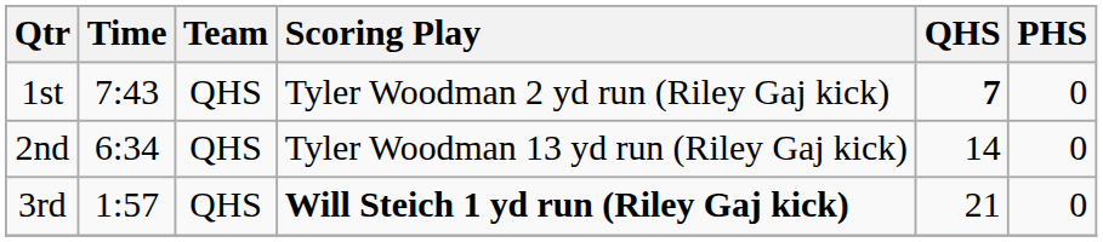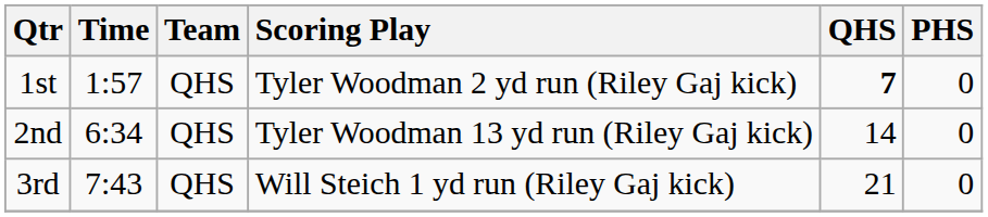 <table class="wikitable">
 <tr>
 <th style="text-align: center;">Qtr</th>
 <th style="text-align: center;">Time</th>
 <th style="text-align: center;">Team</th>
 <th style="text-align: left;">Scoring Play</th>
 <th style="text-align: right;">QHS</th>
 <th style="text-align: right;">PHS</th>
 </tr>
 <tr>
 <td style="text-align: center;">1st</td>
-<td style="text-align: center;">7:43</td>
+<td style="text-align: center;">1:57</td>
 <td style="text-align: center;">QHS</td>
 <td style="text-align: left;">Tyler Woodman 2 yd run (Riley Gaj kick)</td>
 <td style="text-align: right;"><strong>7</strong></td>
 <td style="text-align: right;">0</td>
 </tr>
 <tr>
 <td style="text-align: center;">2nd</td>
 <td style="text-align: center;">6:34</td>
 <td style="text-align: center;">QHS</td>
 <td style="text-align: left;">Tyler Woodman 13 yd run (Riley Gaj kick)</td>
 <td style="text-align: right;">14</td>
 <td style="text-align: right;">0</td>
 </tr>
 <tr>
 <td style="text-align: center;">3rd</td>
-<td style="text-align: center;">1:57</td>
+<td style="text-align: center;">7:43</td>
 <td style="text-align: center;">QHS</td>
-<td style="text-align: left;"><strong>Will Steich 1 yd run (Riley Gaj kick)</strong></td>
+<td style="text-align: left;">Will Steich 1 yd run (Riley Gaj kick)</td>
 <td style="text-align: right;">21</td>
 <td style="text-align: right;">0</td>
 </tr>
 <tr>
 </tr>
 </table>
